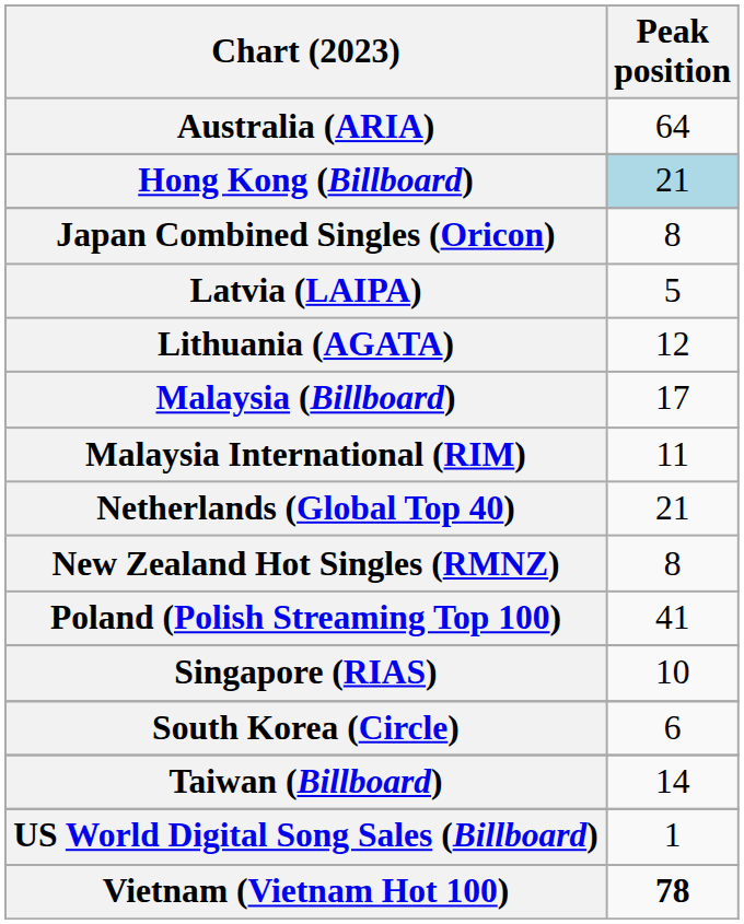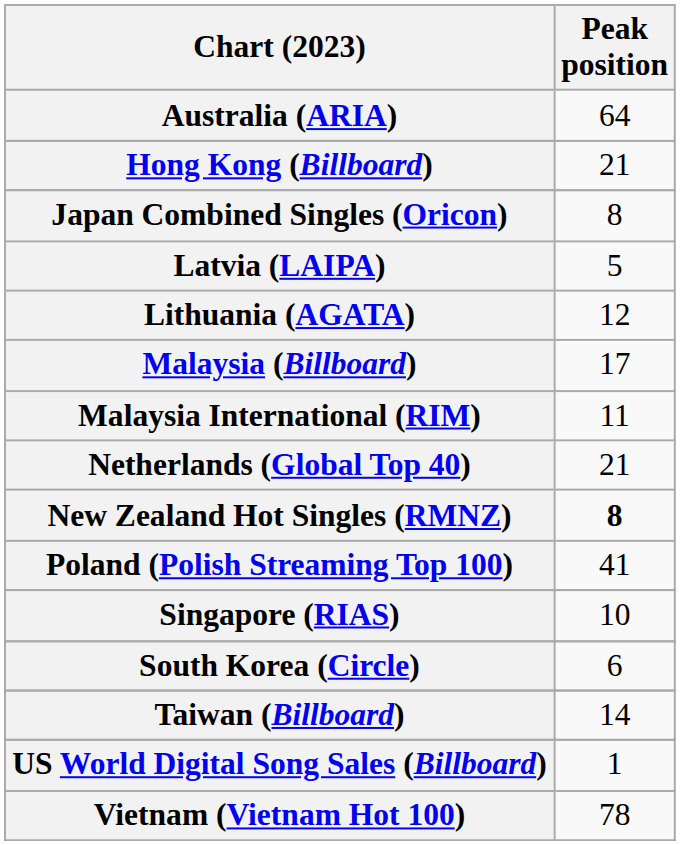 <table class="wikitable sortable plainrowheaders" style="text-align:center">
 <tr>
 <th scope="col">Chart (2023)</th>
 <th scope="col">Peak<br>position</th>
 </tr>
 <tr>
 <th scope="row">Australia (<a href='#'>ARIA</a>)</th>
 <td>64</td>
 </tr>
 <tr>
 </tr>
 <tr>
 </tr>
 <tr>
 </tr>
 <tr>
 </tr>
 <tr>
 </tr>
 <tr>
 <th scope="row"><a href='#'>Hong Kong</a> (<em><a href='#'>Billboard</a></em>)</th>
-<td style="background: lightblue;">21</td>
+<td>21</td>
 </tr>
 <tr>
 </tr>
 <tr>
 </tr>
 <tr>
 <th scope="row">Japan Combined Singles (<a href='#'>Oricon</a>)</th>
 <td>8</td>
 </tr>
 <tr>
 <th scope="row">Latvia (<a href='#'>LAIPA</a>)</th>
 <td>5</td>
 </tr>
 <tr>
 <th scope="row">Lithuania (<a href='#'>AGATA</a>)</th>
 <td>12</td>
 </tr>
 <tr>
 <th scope="row"><a href='#'>Malaysia</a> (<em><a href='#'>Billboard</a></em>)</th>
 <td>17</td>
 </tr>
 <tr>
 <th scope="row">Malaysia International (<a href='#'>RIM</a>)</th>
 <td>11</td>
 </tr>
 <tr>
 <th scope="row">Netherlands (<a href='#'>Global Top 40</a>)</th>
 <td>21</td>
 </tr>
 <tr>
 <th scope="row">New Zealand Hot Singles (<a href='#'>RMNZ</a>)</th>
-<td>8</td>
+<td><strong>8</strong></td>
 </tr>
 <tr>
 <th scope="row">Poland (<a href='#'>Polish Streaming Top 100</a>)</th>
 <td>41</td>
 </tr>
 <tr>
 </tr>
 <tr>
 <th scope="row">Singapore (<a href='#'>RIAS</a>)</th>
 <td>10</td>
 </tr>
 <tr>
 </tr>
 <tr>
 <th scope="row">South Korea (<a href='#'>Circle</a>)</th>
 <td>6</td>
 </tr>
 <tr>
 </tr>
 <tr>
 <th scope="row">Taiwan (<em><a href='#'>Billboard</a></em>)</th>
 <td>14</td>
 </tr>
 <tr>
 </tr>
 <tr>
 </tr>
 <tr>
 </tr>
 <tr>
 <th scope="row">US <a href='#'>World Digital Song Sales</a> (<em><a href='#'>Billboard</a></em>)</th>
 <td>1</td>
 </tr>
 <tr>
 <th scope="row">Vietnam (<a href='#'>Vietnam Hot 100</a>)</th>
-<td><strong>78</strong></td>
+<td>78</td>
 </tr>
 </table>
